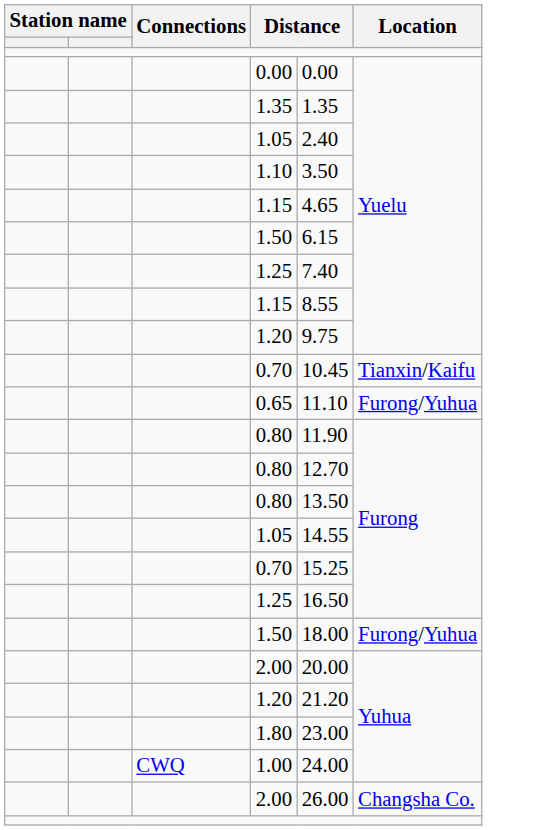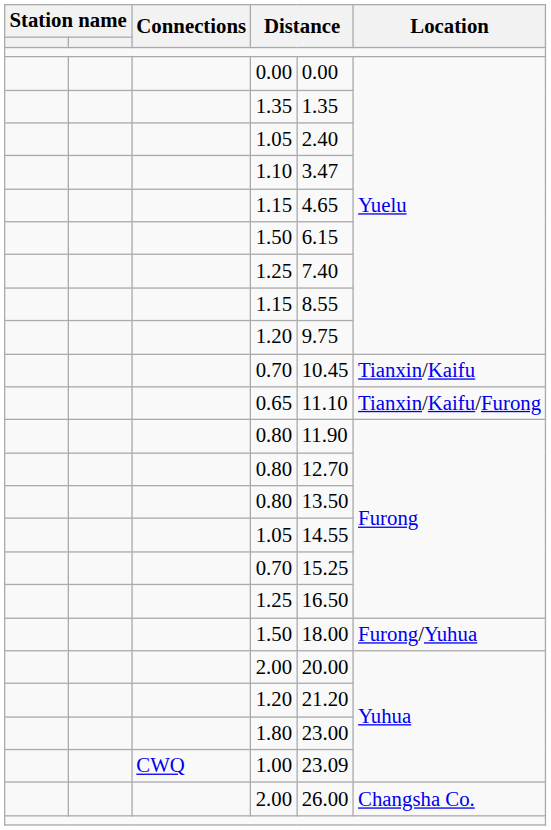 <table class="wikitable">
 <tr>
 <th colspan="2">Station name</th>
 <th rowspan="2">Connections</th>
 <th colspan="2" rowspan="2">Distance<br></th>
 <th rowspan="2">Location</th>
 </tr>
 <tr>
 <th></th>
 <th></th>
 </tr>
 <tr style="background:#">
 <td colspan = "6"></td>
 </tr>
 <tr>
 <td></td>
 <td></td>
 <td></td>
 <td>0.00</td>
 <td>0.00</td>
 <td rowspan="9"><a href='#'>Yuelu</a></td>
 </tr>
 <tr>
 <td></td>
 <td></td>
 <td></td>
 <td>1.35</td>
 <td>1.35</td>
 </tr>
 <tr>
 <td></td>
 <td></td>
 <td></td>
 <td>1.05</td>
 <td>2.40</td>
 </tr>
 <tr>
 <td></td>
 <td></td>
 <td></td>
 <td>1.10</td>
-<td>3.50</td>
+<td>3.47</td>
 </tr>
 <tr>
 <td></td>
 <td></td>
 <td></td>
 <td>1.15</td>
 <td>4.65</td>
 </tr>
 <tr>
 <td></td>
 <td></td>
 <td></td>
 <td>1.50</td>
 <td>6.15</td>
 </tr>
 <tr>
 <td></td>
 <td></td>
 <td></td>
 <td>1.25</td>
 <td>7.40</td>
 </tr>
 <tr>
 <td></td>
 <td></td>
 <td></td>
 <td>1.15</td>
 <td>8.55</td>
 </tr>
 <tr>
 <td></td>
 <td></td>
 <td></td>
 <td>1.20</td>
 <td>9.75</td>
 </tr>
 <tr>
 <td></td>
 <td></td>
 <td></td>
 <td>0.70</td>
 <td>10.45</td>
 <td><a href='#'>Tianxin</a>/<a href='#'>Kaifu</a></td>
 </tr>
 <tr>
 <td></td>
 <td></td>
 <td></td>
 <td>0.65</td>
 <td>11.10</td>
-<td><a href='#'>Furong</a>/<a href='#'>Yuhua</a></td>
+<td><a href='#'>Tianxin</a>/<a href='#'>Kaifu</a>/<a href='#'>Furong</a></td>
 </tr>
 <tr>
 <td></td>
 <td></td>
 <td></td>
 <td>0.80</td>
 <td>11.90</td>
 <td rowspan="6"><a href='#'>Furong</a></td>
 </tr>
 <tr>
 <td></td>
 <td></td>
 <td></td>
 <td>0.80</td>
 <td>12.70</td>
 </tr>
 <tr>
 <td></td>
 <td></td>
 <td></td>
 <td>0.80</td>
 <td>13.50</td>
 </tr>
 <tr>
 <td></td>
 <td></td>
 <td> </td>
 <td>1.05</td>
 <td>14.55</td>
 </tr>
 <tr>
 <td></td>
 <td></td>
 <td></td>
 <td>0.70</td>
 <td>15.25</td>
 </tr>
 <tr>
 <td></td>
 <td></td>
 <td></td>
 <td>1.25</td>
 <td>16.50</td>
 </tr>
 <tr>
 <td></td>
 <td></td>
 <td></td>
 <td>1.50</td>
 <td>18.00</td>
 <td><a href='#'>Furong</a>/<a href='#'>Yuhua</a></td>
 </tr>
 <tr>
 <td></td>
 <td></td>
 <td></td>
 <td>2.00</td>
 <td>20.00</td>
 <td rowspan="4"><a href='#'>Yuhua</a></td>
 </tr>
 <tr>
 <td></td>
 <td></td>
 <td></td>
 <td>1.20</td>
 <td>21.20</td>
 </tr>
 <tr>
 <td></td>
 <td></td>
 <td></td>
 <td>1.80</td>
 <td>23.00</td>
 </tr>
 <tr>
 <td></td>
 <td></td>
 <td>   <a href='#'>CWQ</a></td>
 <td>1.00</td>
-<td>24.00</td>
+<td>23.09</td>
 </tr>
 <tr>
 <td></td>
 <td></td>
 <td></td>
 <td>2.00</td>
 <td>26.00</td>
 <td><a href='#'>Changsha Co.</a></td>
 </tr>
 <tr style="background:#">
 <td colspan = "6"></td>
 </tr>
 </table>
